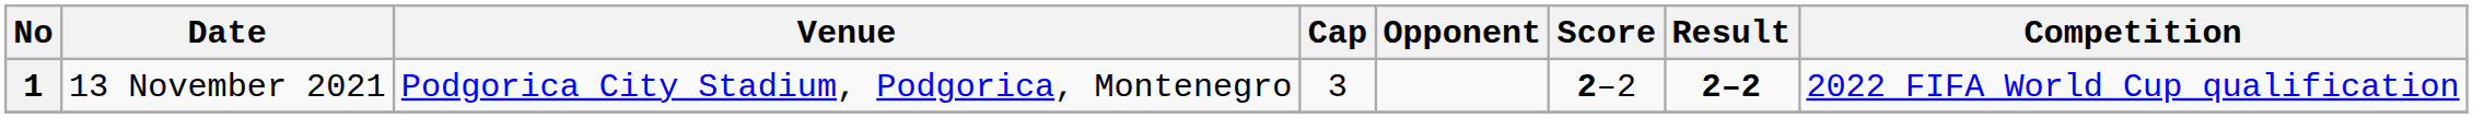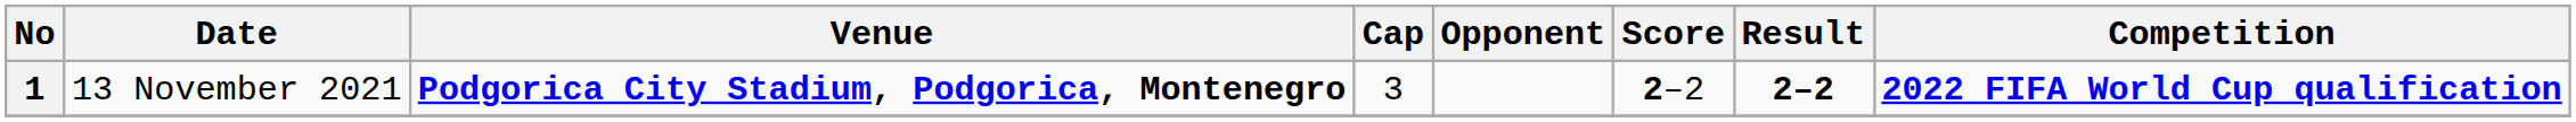 <table class="wikitable" style="font-size:100%;">
 <tr>
 <th>No</th>
 <th>Date</th>
 <th>Venue</th>
 <th>Cap</th>
 <th>Opponent</th>
 <th>Score</th>
 <th>Result</th>
 <th>Competition</th>
 </tr>
 <tr>
 <th scope=row>1</th>
 <td>13 November 2021</td>
-<td><a href='#'>Podgorica City Stadium</a>, <a href='#'>Podgorica</a>, Montenegro</td>
+<td><strong><a href='#'>Podgorica City Stadium</a>, <a href='#'>Podgorica</a>, Montenegro</strong></td>
 <td align=center>3</td>
 <td></td>
 <td align=center><strong>2</strong>–2</td>
 <td align=center><strong>2–2</strong></td>
-<td><a href='#'>2022 FIFA World Cup qualification</a></td>
+<td><strong><a href='#'>2022 FIFA World Cup qualification</a></strong></td>
 </tr>
 <tr>
 </tr>
 </table>
